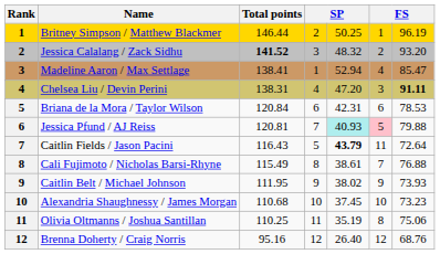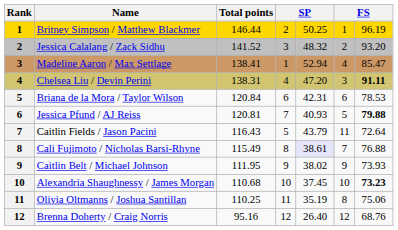 <table class="wikitable sortable">
 <tr>
 <th>Rank</th>
 <th>Name</th>
 <th>Total points</th>
 <th colspan="2" width="80px"><a href='#'>SP</a></th>
 <th colspan="2" width="80px"><a href='#'>FS</a></th>
 </tr>
 <tr bgcolor="gold">
 <td align="center"><strong>1</strong></td>
 <td><a href='#'>Britney Simpson</a> / <a href='#'>Matthew Blackmer</a></td>
 <td align="center">146.44</td>
 <td align="center">2</td>
 <td align="center">50.25</td>
 <td align="center">1</td>
 <td align="center">96.19</td>
 </tr>
 <tr bgcolor="silver">
 <td align="center"><strong>2</strong></td>
 <td><a href='#'>Jessica Calalang</a> / <a href='#'>Zack Sidhu</a></td>
-<td align="center"><strong>141.52</strong></td>
+<td align="center">141.52</td>
 <td align="center">3</td>
 <td align="center">48.32</td>
 <td align="center">2</td>
 <td align="center">93.20</td>
 </tr>
 <tr bgcolor="cc9966">
 <td align="center"><strong>3</strong></td>
 <td><a href='#'>Madeline Aaron</a> / <a href='#'>Max Settlage</a></td>
 <td align="center">138.41</td>
 <td align="center">1</td>
 <td align="center">52.94</td>
 <td align="center">4</td>
 <td align="center">85.47</td>
 </tr>
 <tr bgcolor="#d1c571">
 <td align="center"><strong>4</strong></td>
 <td><a href='#'>Chelsea Liu</a> / <a href='#'>Devin Perini</a></td>
 <td align="center">138.31</td>
 <td align="center">4</td>
 <td align="center">47.20</td>
 <td align="center">3</td>
 <td align="center"><strong>91.11</strong></td>
 </tr>
 <tr>
 <th>5</th>
 <td><a href='#'>Briana de la Mora</a> / <a href='#'>Taylor Wilson</a></td>
 <td align="center">120.84</td>
 <td align="center">6</td>
 <td align="center">42.31</td>
 <td align="center">6</td>
 <td align="center">78.53</td>
 </tr>
 <tr>
 <th>6</th>
 <td><a href='#'>Jessica Pfund</a> / <a href='#'>AJ Reiss</a></td>
 <td align="center">120.81</td>
 <td align="center">7</td>
-<td align="center" style="background: paleturquoise;">40.93</td>
-<td align="center" style="background: pink;">5</td>
-<td align="center">79.88</td>
+<td align="center">40.93</td>
+<td align="center">5</td>
+<td align="center"><strong>79.88</strong></td>
 </tr>
 <tr>
 <th>7</th>
 <td>Caitlin Fields / <a href='#'>Jason Pacini</a></td>
 <td align="center">116.43</td>
 <td align="center">5</td>
-<td align="center"><strong>43.79</strong></td>
+<td align="center">43.79</td>
 <td align="center">11</td>
 <td align="center">72.64</td>
 </tr>
 <tr>
 <th>8</th>
 <td><a href='#'>Cali Fujimoto</a> / <a href='#'>Nicholas Barsi-Rhyne</a></td>
 <td align="center">115.49</td>
 <td align="center">8</td>
-<td align="center">38.61</td>
+<td align="center" style="background: lavender;">38.61</td>
 <td align="center">7</td>
 <td align="center">76.88</td>
 </tr>
 <tr>
 <th>9</th>
 <td><a href='#'>Caitlin Belt</a> / <a href='#'>Michael Johnson</a></td>
 <td align="center">111.95</td>
 <td align="center">9</td>
 <td align="center">38.02</td>
 <td align="center">9</td>
 <td align="center">73.93</td>
 </tr>
 <tr>
 <th>10</th>
 <td><a href='#'>Alexandria Shaughnessy</a> / <a href='#'>James Morgan</a></td>
 <td align="center">110.68</td>
 <td align="center">10</td>
 <td align="center">37.45</td>
 <td align="center">10</td>
-<td align="center">73.23</td>
+<td align="center"><strong>73.23</strong></td>
 </tr>
 <tr>
 <th>11</th>
 <td><a href='#'>Olivia Oltmanns</a> / <a href='#'>Joshua Santillan</a></td>
 <td align="center">110.25</td>
 <td align="center">11</td>
 <td align="center">35.19</td>
 <td align="center">8</td>
 <td align="center">75.06</td>
 </tr>
 <tr>
 <th>12</th>
 <td><a href='#'>Brenna Doherty</a> / <a href='#'>Craig Norris</a></td>
 <td align="center">95.16</td>
 <td align="center">12</td>
 <td align="center">26.40</td>
 <td align="center">12</td>
 <td align="center">68.76</td>
 </tr>
 </table>
